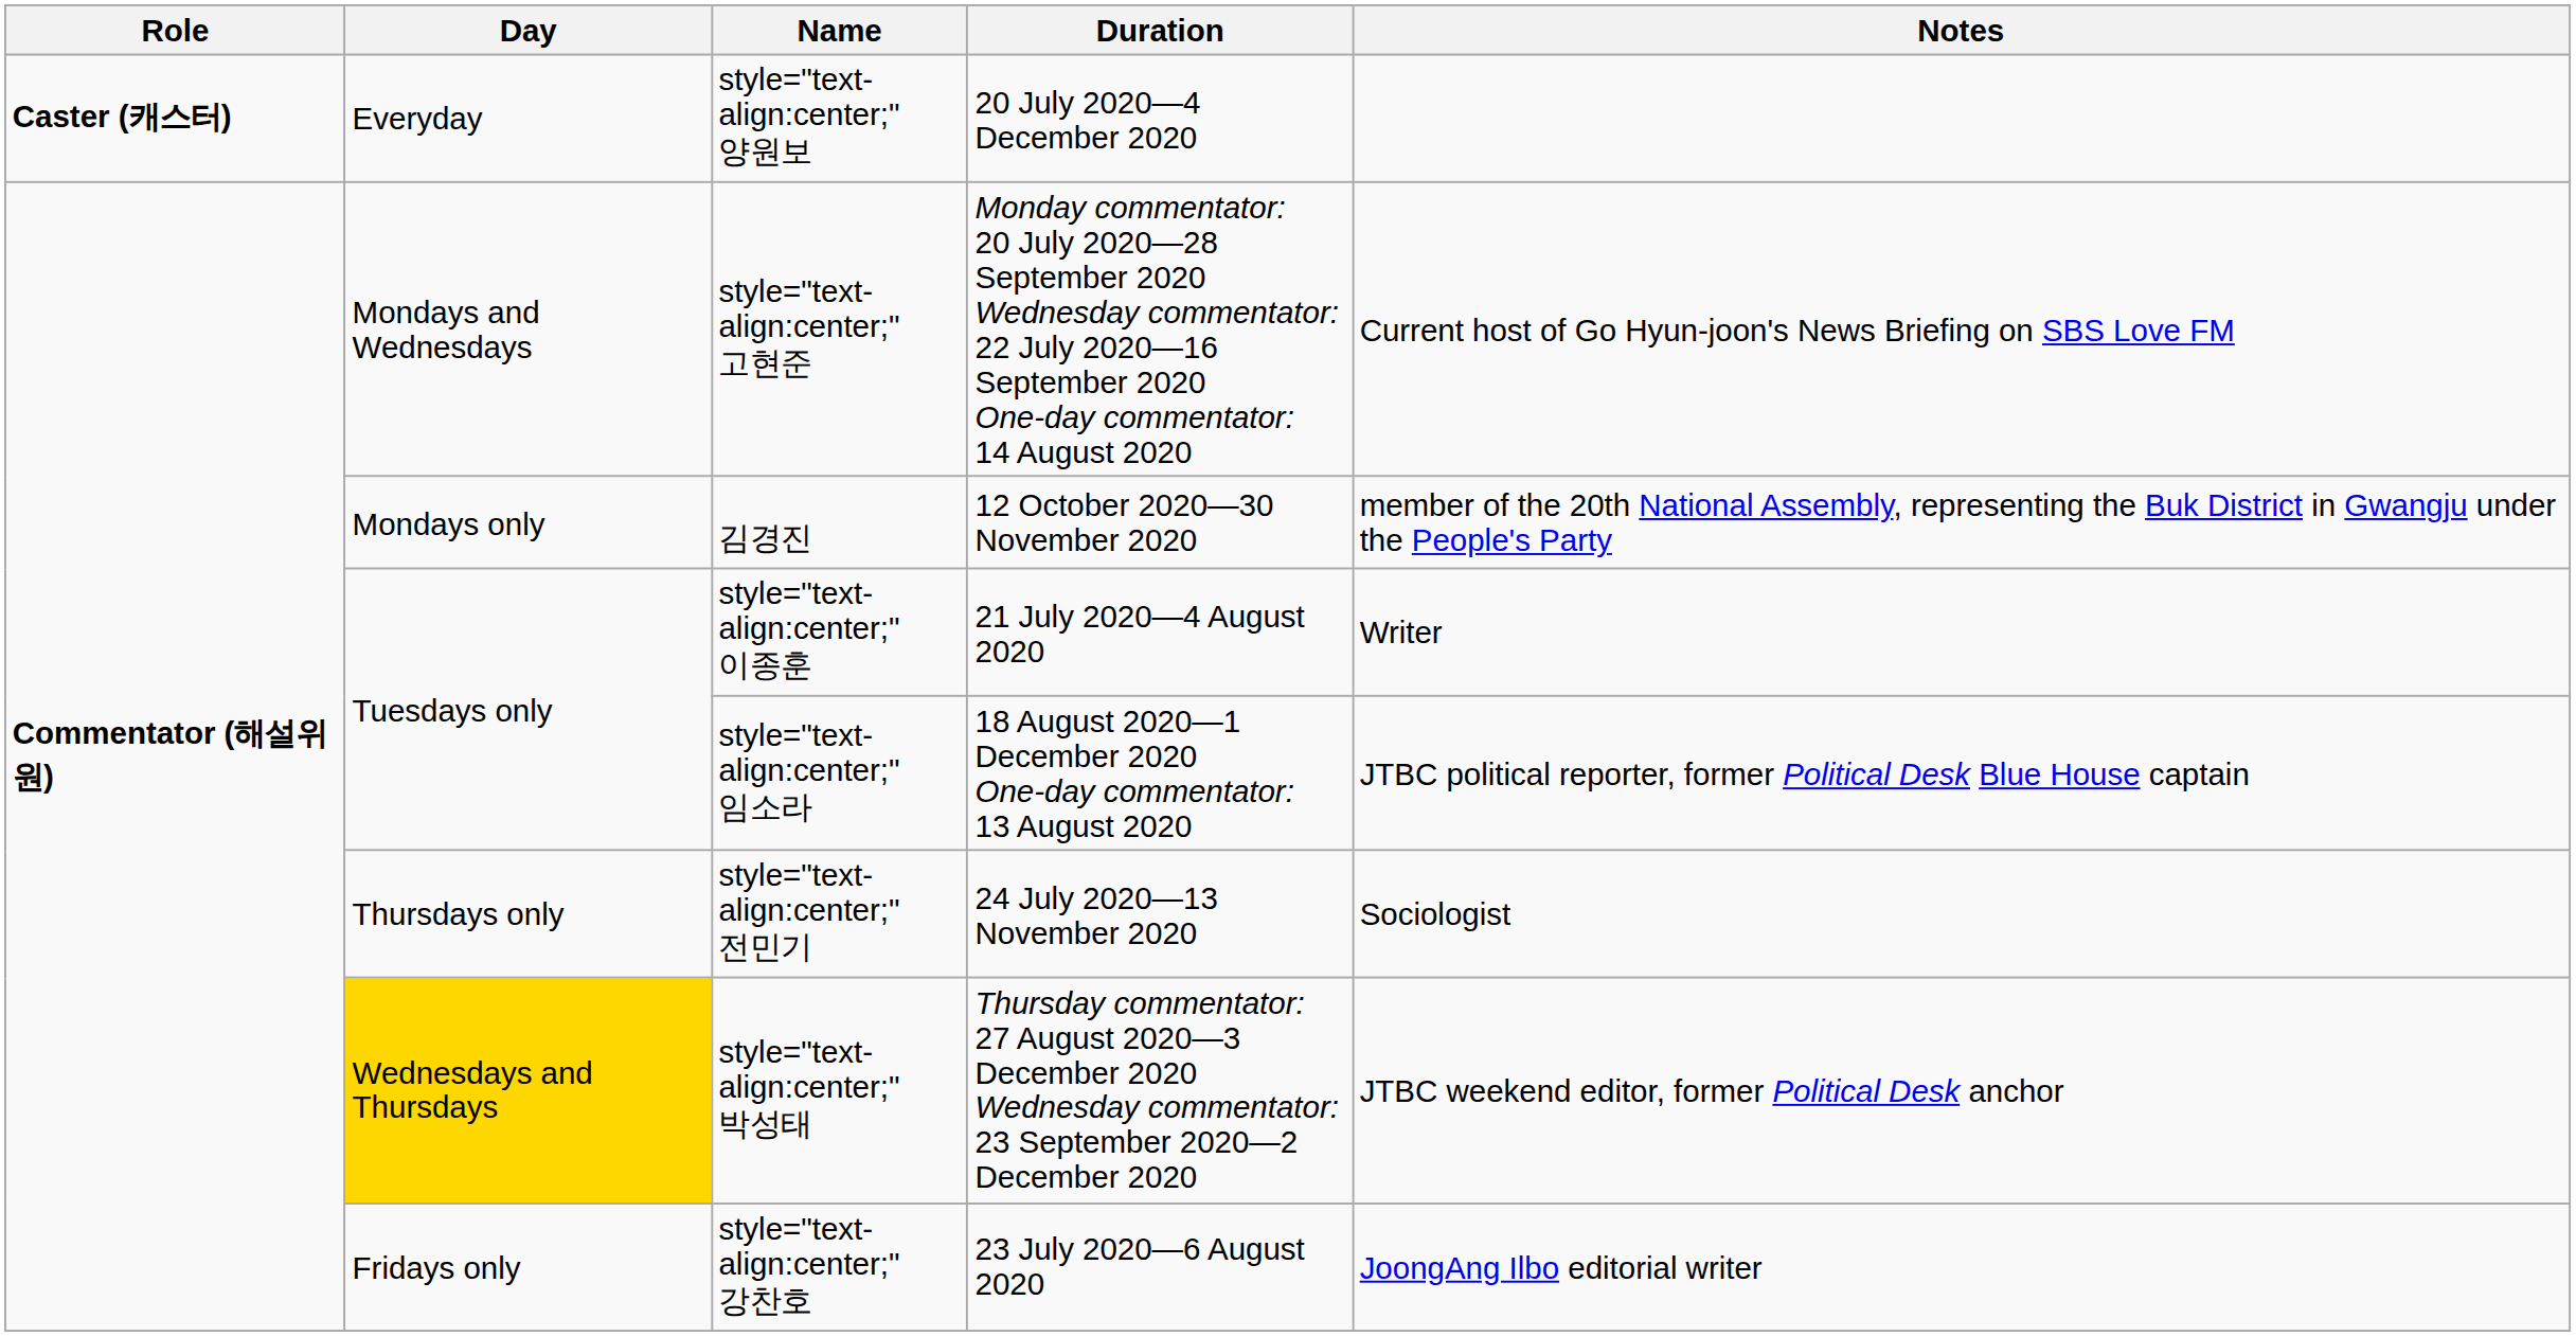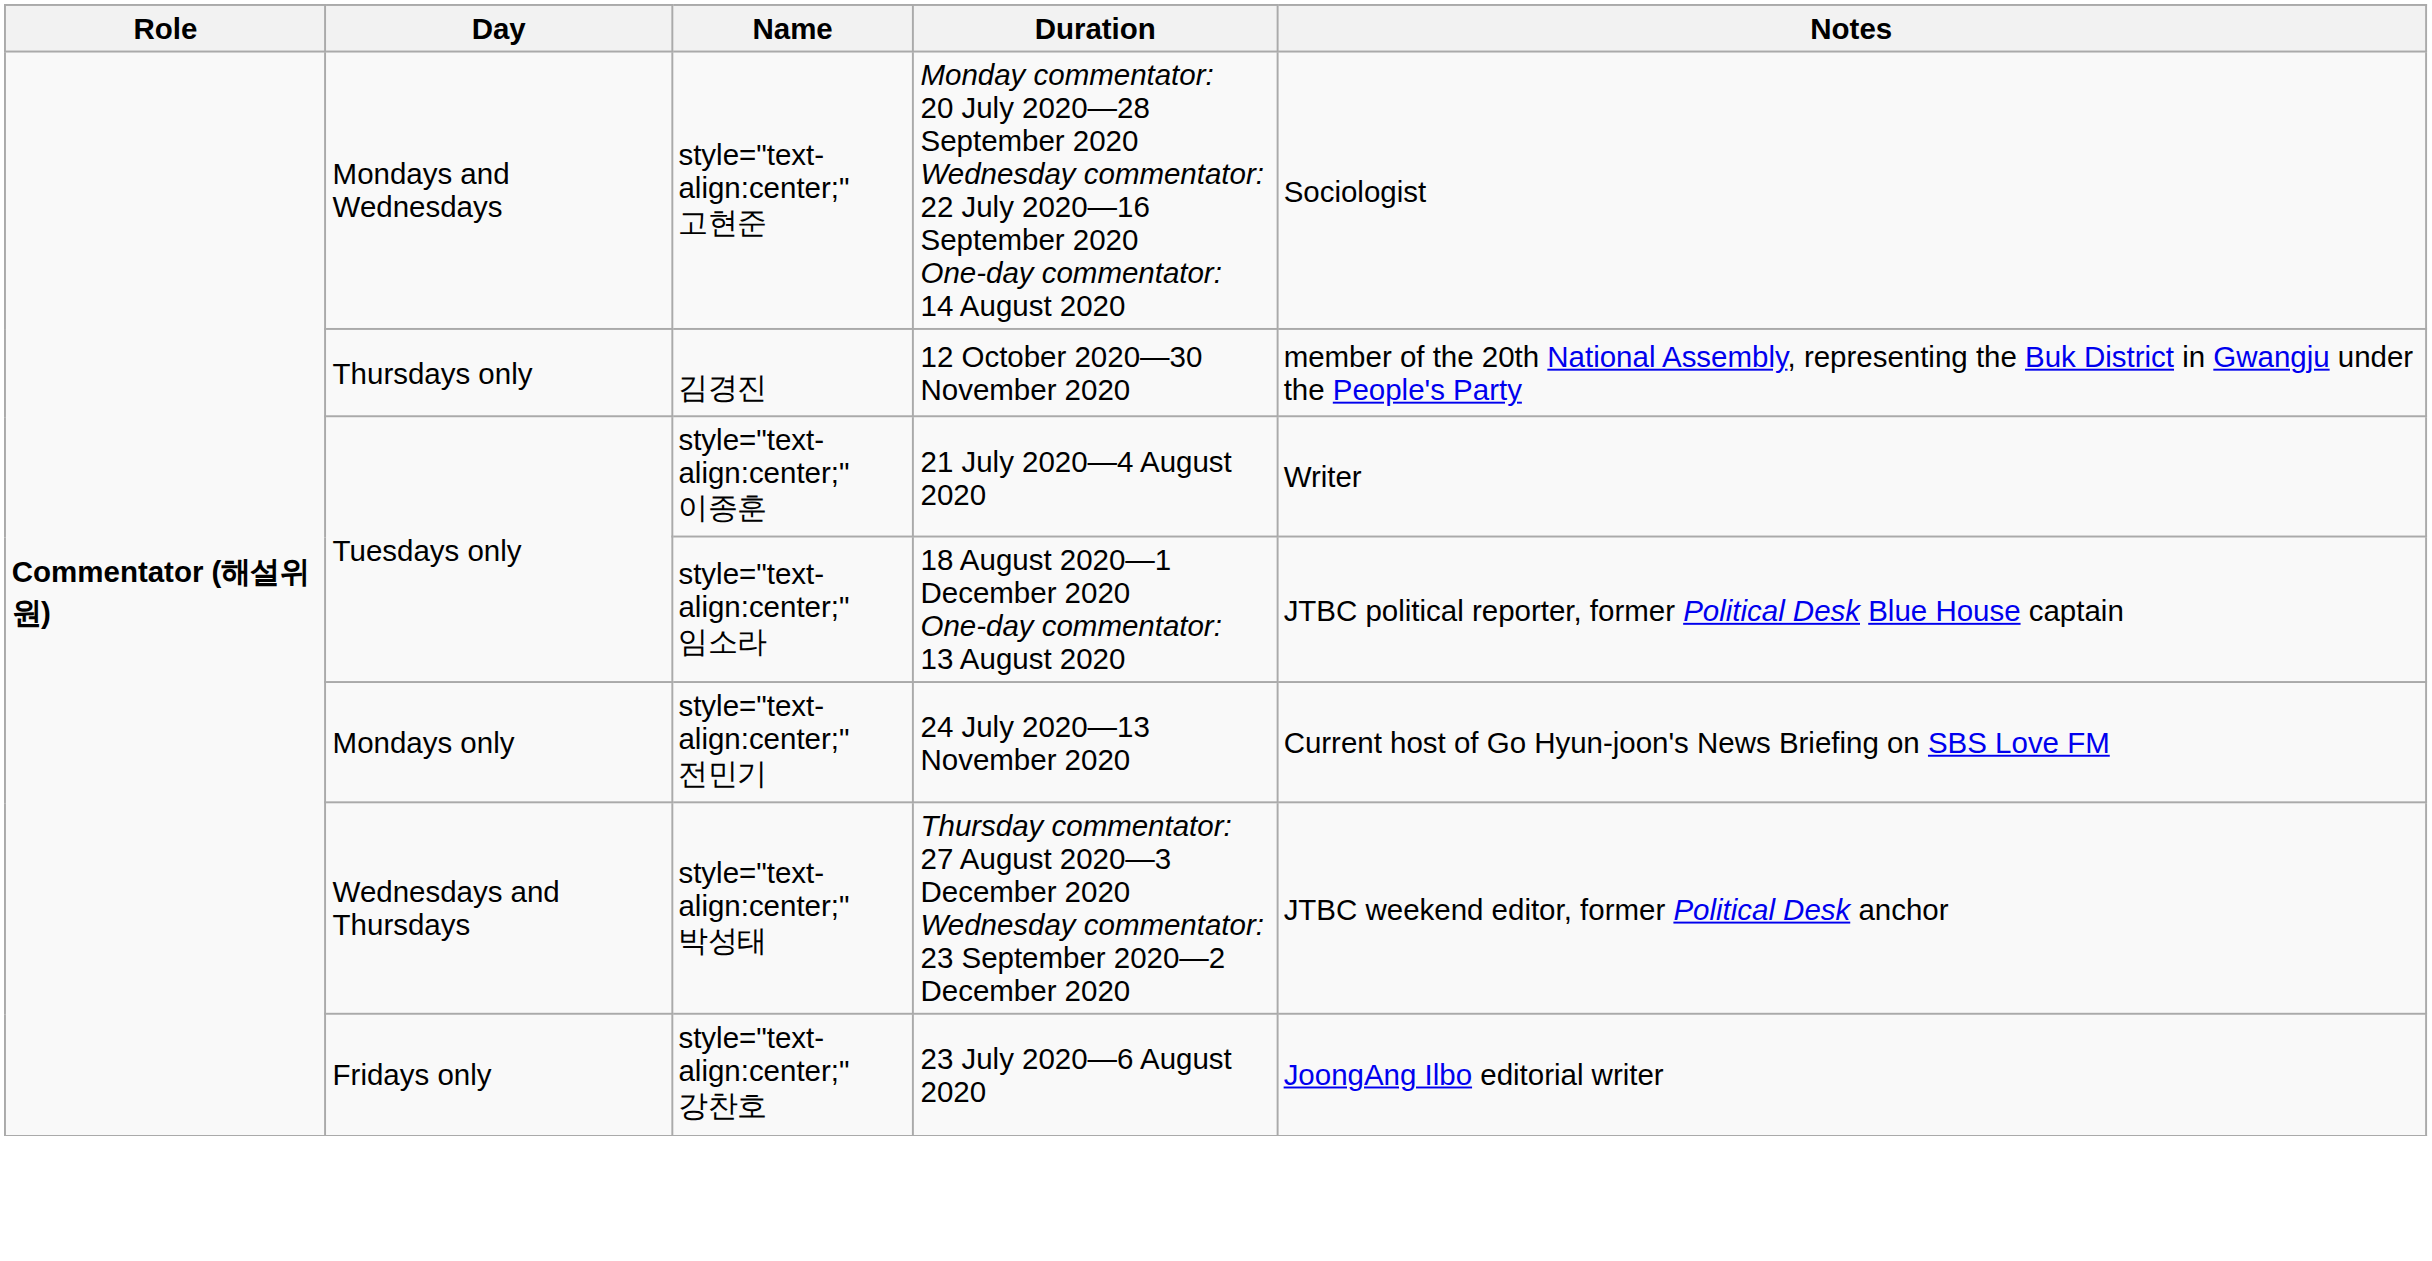 <table class="wikitable" style="font-size:95%;" ;>
 <tr>
 <th>Role</th>
 <th>Day</th>
 <th style="width:10%; text-align:center;">Name</th>
 <th style="width:15%; text-align:center;">Duration</th>
 <th>Notes</th>
 </tr>
 <tr>
-<td><strong>Caster (캐스터)</strong></td>
-<td>Everyday</td>
-<td>style="text-align:center;"<br>양원보</td>
-<td>20 July 2020—4 December 2020</td>
-<td></td>
-</tr>
-<tr>
 <td rowspan="7"><strong>Commentator (해설위원)</strong></td>
 <td>Mondays and Wednesdays</td>
 <td>style="text-align:center;"<br>고현준</td>
 <td><em>Monday commentator:</em><br>20 July 2020—28 September 2020<br><em>Wednesday commentator:</em><br>22 July 2020—16 September 2020<br><em>One-day commentator:</em><br>14 August 2020</td>
-<td>Current host of Go Hyun-joon's News Briefing on <a href='#'>SBS Love FM</a></td>
+<td>Sociologist</td>
 </tr>
 <tr>
-<td>Mondays only</td>
+<td>Thursdays only</td>
 <td><br>김경진</td>
 <td>12 October 2020—30 November 2020</td>
 <td>member of the 20th <a href='#'>National Assembly</a>, representing the <a href='#'>Buk District</a> in <a href='#'>Gwangju</a> under the <a href='#'>People's Party</a></td>
 </tr>
 <tr>
 <td rowspan="2">Tuesdays only</td>
 <td>style="text-align:center;"<br>이종훈</td>
 <td>21 July 2020—4 August 2020</td>
 <td>Writer</td>
 </tr>
 <tr>
 <td>style="text-align:center;"<br>임소라</td>
 <td>18 August 2020—1 December 2020<br><em>One-day commentator:</em><br>13 August 2020</td>
 <td>JTBC political reporter, former <em><a href='#'>Political Desk</a></em> <a href='#'>Blue House</a> captain</td>
 </tr>
 <tr>
-<td>Thursdays only</td>
+<td>Mondays only</td>
 <td>style="text-align:center;"<br>전민기</td>
 <td>24 July 2020—13 November 2020</td>
-<td>Sociologist</td>
+<td>Current host of Go Hyun-joon's News Briefing on <a href='#'>SBS Love FM</a></td>
 </tr>
 <tr>
-<td style="background: gold;">Wednesdays and Thursdays</td>
+<td>Wednesdays and Thursdays</td>
 <td>style="text-align:center;"<br>박성태</td>
 <td><em>Thursday commentator:</em><br>27 August 2020—3 December 2020<br><em>Wednesday commentator:</em><br>23 September 2020—2 December 2020</td>
 <td>JTBC weekend editor, former <em><a href='#'>Political Desk</a></em> anchor</td>
 </tr>
 <tr>
 <td>Fridays only</td>
 <td>style="text-align:center;"<br>강찬호</td>
 <td>23 July 2020—6 August 2020</td>
 <td><a href='#'>JoongAng Ilbo</a> editorial writer</td>
 </tr>
 <tr>
 </tr>
 </table>
